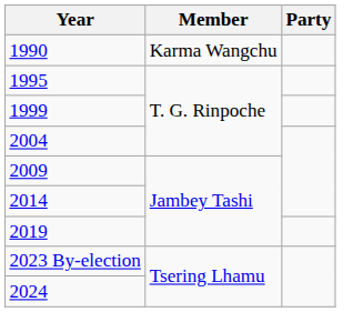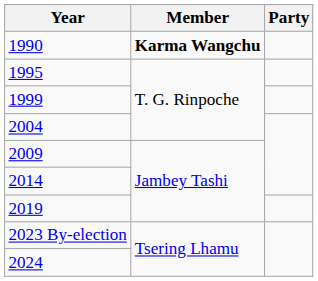 <table class="wikitable sortable">
 <tr>
 <th>Year</th>
 <th>Member</th>
 <th colspan="2">Party</th>
 </tr>
 <tr>
 <td><a href='#'>1990</a></td>
-<td>Karma Wangchu</td>
+<td><strong>Karma Wangchu</strong></td>
 <td></td>
 </tr>
 <tr>
 <td><a href='#'>1995</a></td>
 <td rowspan=3>T. G. Rinpoche</td>
 <td></td>
 </tr>
 <tr>
 <td><a href='#'>1999</a></td>
 <td></td>
 </tr>
 <tr>
 <td><a href='#'>2004</a></td>
 </tr>
 <tr>
 <td><a href='#'>2009</a></td>
 <td rowspan=3><a href='#'>Jambey Tashi</a></td>
 </tr>
 <tr>
 <td><a href='#'>2014</a></td>
 </tr>
 <tr>
 <td><a href='#'>2019</a></td>
 <td></td>
 </tr>
 <tr>
 <td><a href='#'>2023 By-election</a></td>
 <td rowspan=2><a href='#'>Tsering Lhamu</a></td>
 </tr>
 <tr>
 <td><a href='#'>2024</a></td>
 </tr>
 </table>
